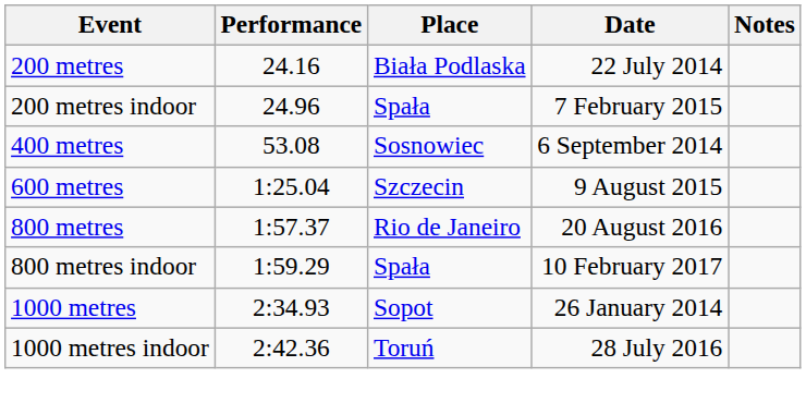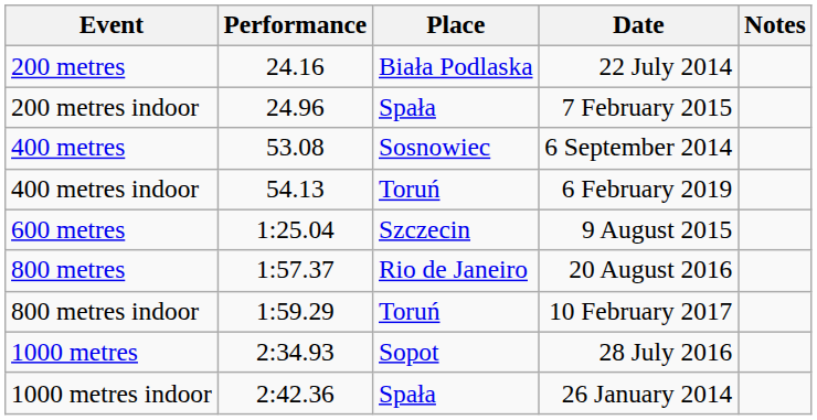 <table class="wikitable">
 <tr>
 <th>Event</th>
 <th>Performance</th>
 <th>Place</th>
 <th>Date</th>
 <th>Notes</th>
 </tr>
 <tr>
 <td><a href='#'>200 metres</a></td>
 <td align='center'>24.16</td>
 <td> <a href='#'>Biała Podlaska</a></td>
 <td align=right>22 July 2014</td>
 <td></td>
 </tr>
 <tr>
 <td>200 metres indoor</td>
 <td align=center>24.96</td>
 <td> <a href='#'>Spała</a></td>
 <td align=right>7 February 2015</td>
 <td></td>
 </tr>
 <tr>
 <td><a href='#'>400 metres</a></td>
 <td align=center>53.08</td>
 <td> <a href='#'>Sosnowiec</a></td>
 <td align=right>6 September 2014</td>
 <td></td>
 </tr>
 <tr>
+<td>400 metres indoor</td>
+<td align=center>54.13</td>
+<td> <a href='#'>Toruń</a></td>
+<td align=right>6 February 2019</td>
+<td></td>
+</tr>
+<tr>
 <td><a href='#'>600 metres</a></td>
 <td align=center>1:25.04</td>
 <td> <a href='#'>Szczecin</a></td>
 <td align=right>9 August 2015</td>
 <td></td>
 </tr>
 <tr>
 <td><a href='#'>800 metres</a></td>
 <td align=center>1:57.37</td>
 <td> <a href='#'>Rio de Janeiro</a></td>
 <td align=right>20 August 2016</td>
 <td></td>
 </tr>
 <tr>
 <td>800 metres indoor</td>
 <td align=center>1:59.29</td>
-<td> <a href='#'>Spała</a></td>
+<td> <a href='#'>Toruń</a></td>
 <td align=right>10 February 2017</td>
 <td></td>
 </tr>
 <tr>
 <td><a href='#'>1000 metres</a></td>
 <td align=center>2:34.93</td>
 <td> <a href='#'>Sopot</a></td>
-<td align=right>26 January 2014</td>
+<td align=right>28 July 2016</td>
 <td></td>
 </tr>
 <tr>
 <td>1000 metres indoor</td>
 <td align=center>2:42.36</td>
-<td> <a href='#'>Toruń</a></td>
-<td align=right>28 July 2016</td>
+<td> <a href='#'>Spała</a></td>
+<td align=right>26 January 2014</td>
 <td></td>
 </tr>
 </table>
